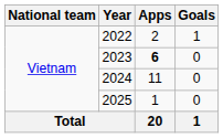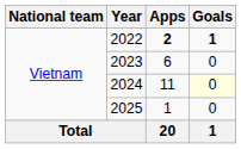 <table class="wikitable" style="text-align: center;">
 <tr>
 <th>National team</th>
 <th>Year</th>
 <th>Apps</th>
 <th>Goals</th>
 </tr>
 <tr>
 <td rowspan=4><a href='#'>Vietnam</a></td>
 <td>2022</td>
-<td>2</td>
-<td>1</td>
+<td><strong>2</strong></td>
+<td><strong>1</strong></td>
 </tr>
 <tr>
 <td>2023</td>
-<td><strong>6</strong></td>
+<td>6</td>
 <td>0</td>
 </tr>
 <tr>
 <td>2024</td>
 <td>11</td>
-<td>0</td>
+<td style="background: lightyellow;">0</td>
 </tr>
 <tr>
 <td>2025</td>
 <td>1</td>
 <td>0</td>
 </tr>
 <tr>
 <th colspan=2>Total</th>
 <th>20</th>
 <th>1</th>
 </tr>
 </table>
